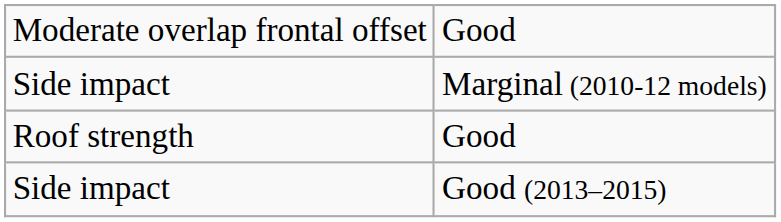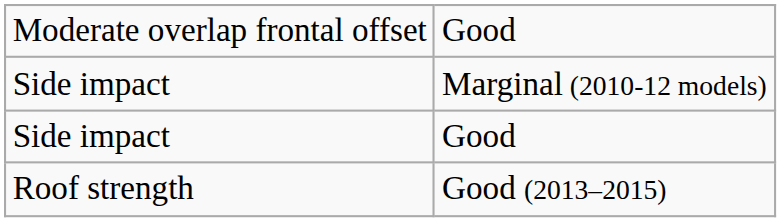 <table class="wikitable">
 <tr>
 <td>Moderate overlap frontal offset</td>
 <td>Good</td>
 </tr>
 <tr>
 <td>Side impact</td>
 <td>Marginal<small> (2010-12 models)</small></td>
 </tr>
 <tr>
-<td>Roof strength</td>
+<td>Side impact</td>
 <td>Good</td>
 </tr>
 <tr>
-<td>Side impact</td>
+<td>Roof strength</td>
 <td>Good <small> (2013–2015)</small></td>
 </tr>
 </table>
